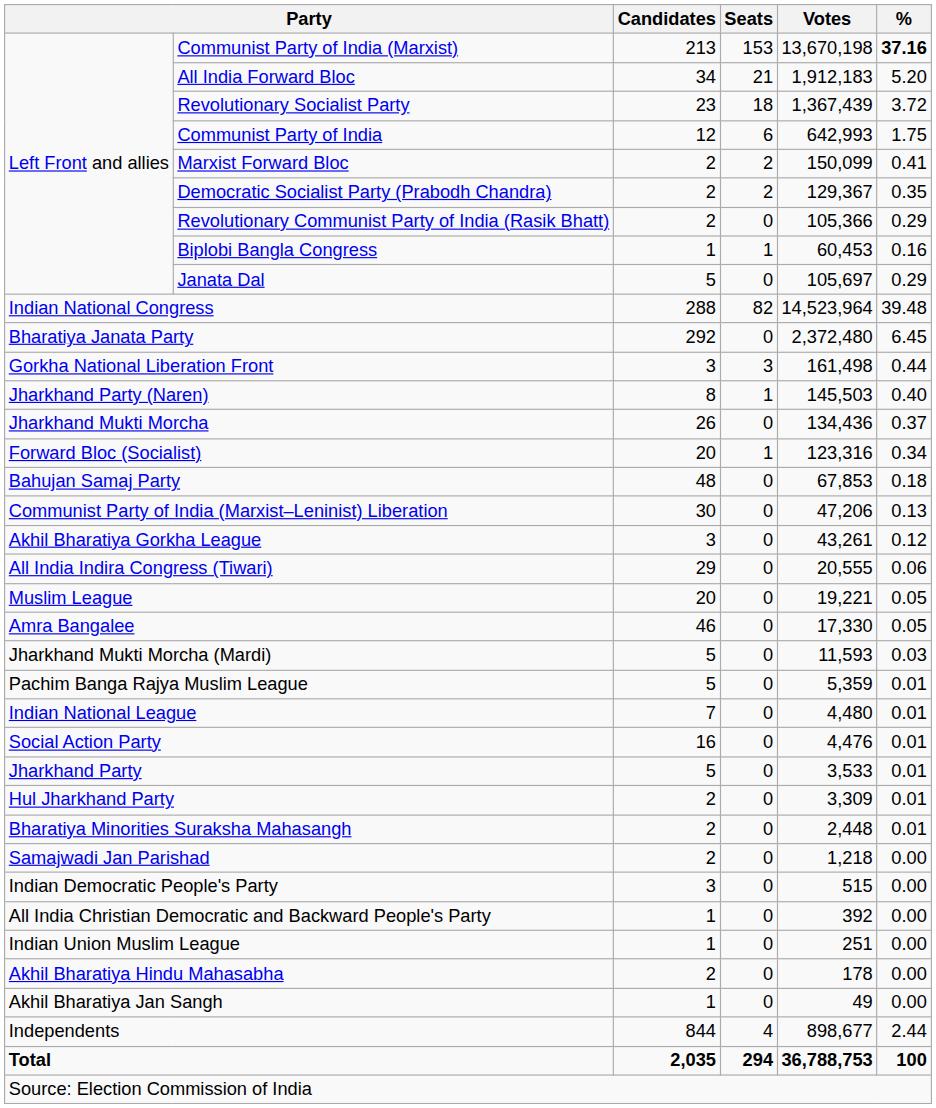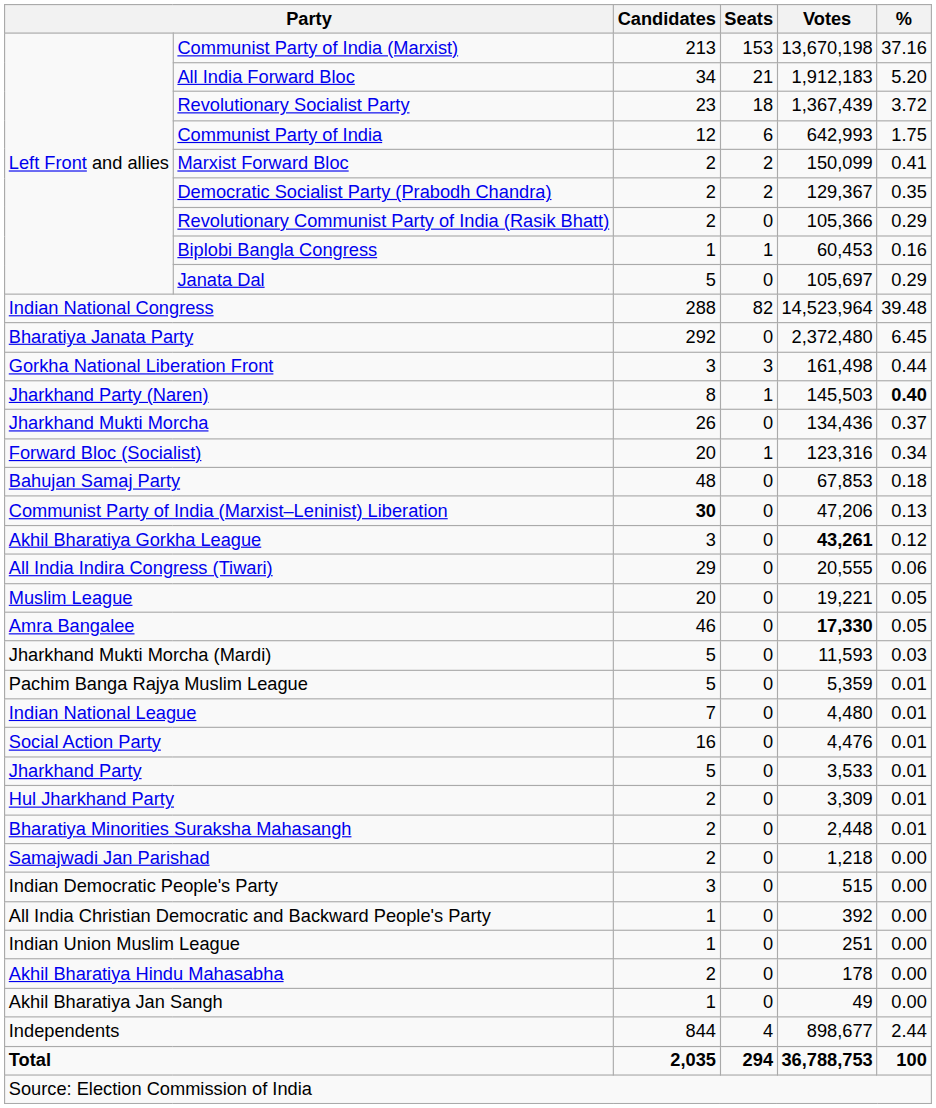 <table class=wikitable style=text-align:right>
 <tr>
 <th colspan=2>Party</th>
 <th>Candidates</th>
 <th>Seats</th>
 <th>Votes</th>
 <th>%</th>
 </tr>
 <tr>
 <td rowspan=9 align=left><a href='#'>Left Front</a> and allies</td>
 <td align=left><a href='#'>Communist Party of India (Marxist)</a></td>
 <td>213</td>
 <td>153</td>
 <td>13,670,198</td>
-<td><strong>37.16</strong></td>
+<td>37.16</td>
 </tr>
 <tr>
 <td align=left><a href='#'>All India Forward Bloc</a></td>
 <td>34</td>
 <td>21</td>
 <td>1,912,183</td>
 <td>5.20</td>
 </tr>
 <tr>
 <td align=left><a href='#'>Revolutionary Socialist Party</a></td>
 <td>23</td>
 <td>18</td>
 <td>1,367,439</td>
 <td>3.72</td>
 </tr>
 <tr>
 <td align=left><a href='#'>Communist Party of India</a></td>
 <td>12</td>
 <td>6</td>
 <td>642,993</td>
 <td>1.75</td>
 </tr>
 <tr>
 <td align=left><a href='#'>Marxist Forward Bloc</a></td>
 <td>2</td>
 <td>2</td>
 <td>150,099</td>
 <td>0.41</td>
 </tr>
 <tr>
 <td align=left><a href='#'>Democratic Socialist Party (Prabodh Chandra)</a></td>
 <td>2</td>
 <td>2</td>
 <td>129,367</td>
 <td>0.35</td>
 </tr>
 <tr>
 <td align=left><a href='#'>Revolutionary Communist Party of India (Rasik Bhatt)</a></td>
 <td>2</td>
 <td>0</td>
 <td>105,366</td>
 <td>0.29</td>
 </tr>
 <tr>
 <td align=left><a href='#'>Biplobi Bangla Congress</a></td>
 <td>1</td>
 <td>1</td>
 <td>60,453</td>
 <td>0.16</td>
 </tr>
 <tr>
 <td align=left><a href='#'>Janata Dal</a></td>
 <td>5</td>
 <td>0</td>
 <td>105,697</td>
 <td>0.29</td>
 </tr>
 <tr>
 <td colspan=2 align=left><a href='#'>Indian National Congress</a></td>
 <td>288</td>
 <td>82</td>
 <td>14,523,964</td>
 <td>39.48</td>
 </tr>
 <tr>
 <td colspan=2 align=left><a href='#'>Bharatiya Janata Party</a></td>
 <td>292</td>
 <td>0</td>
 <td>2,372,480</td>
 <td>6.45</td>
 </tr>
 <tr>
 <td colspan=2 align=left><a href='#'>Gorkha National Liberation Front</a></td>
 <td>3</td>
 <td>3</td>
 <td>161,498</td>
 <td>0.44</td>
 </tr>
 <tr>
 <td colspan=2 align=left><a href='#'>Jharkhand Party (Naren)</a></td>
 <td>8</td>
 <td>1</td>
 <td>145,503</td>
-<td>0.40</td>
+<td><strong>0.40</strong></td>
 </tr>
 <tr>
 <td colspan=2 align=left><a href='#'>Jharkhand Mukti Morcha</a></td>
 <td>26</td>
 <td>0</td>
 <td>134,436</td>
 <td>0.37</td>
 </tr>
 <tr>
 <td colspan=2 align=left><a href='#'>Forward Bloc (Socialist)</a></td>
 <td>20</td>
 <td>1</td>
 <td>123,316</td>
 <td>0.34</td>
 </tr>
 <tr>
 <td colspan=2 align=left><a href='#'>Bahujan Samaj Party</a></td>
 <td>48</td>
 <td>0</td>
 <td>67,853</td>
 <td>0.18</td>
 </tr>
 <tr>
 <td colspan=2 align=left><a href='#'>Communist Party of India (Marxist–Leninist) Liberation</a></td>
-<td>30</td>
+<td><strong>30</strong></td>
 <td>0</td>
 <td>47,206</td>
 <td>0.13</td>
 </tr>
 <tr>
 <td colspan=2 align=left><a href='#'>Akhil Bharatiya Gorkha League</a></td>
 <td>3</td>
 <td>0</td>
-<td>43,261</td>
+<td><strong>43,261</strong></td>
 <td>0.12</td>
 </tr>
 <tr>
 <td colspan=2 align=left><a href='#'>All India Indira Congress (Tiwari)</a></td>
 <td>29</td>
 <td>0</td>
 <td>20,555</td>
 <td>0.06</td>
 </tr>
 <tr>
 <td colspan=2 align=left><a href='#'>Muslim League</a></td>
 <td>20</td>
 <td>0</td>
 <td>19,221</td>
 <td>0.05</td>
 </tr>
 <tr>
 <td colspan=2 align=left><a href='#'>Amra Bangalee</a></td>
 <td>46</td>
 <td>0</td>
-<td>17,330</td>
+<td><strong>17,330</strong></td>
 <td>0.05</td>
 </tr>
 <tr>
 <td colspan=2 align=left>Jharkhand Mukti Morcha (Mardi)</td>
 <td>5</td>
 <td>0</td>
 <td>11,593</td>
 <td>0.03</td>
 </tr>
 <tr>
 <td colspan=2 align=left>Pachim Banga Rajya Muslim League</td>
 <td>5</td>
 <td>0</td>
 <td>5,359</td>
 <td>0.01</td>
 </tr>
 <tr>
 <td colspan=2 align=left><a href='#'>Indian National League</a></td>
 <td>7</td>
 <td>0</td>
 <td>4,480</td>
 <td>0.01</td>
 </tr>
 <tr>
 <td colspan=2 align=left><a href='#'>Social Action Party</a></td>
 <td>16</td>
 <td>0</td>
 <td>4,476</td>
 <td>0.01</td>
 </tr>
 <tr>
 <td colspan=2 align=left><a href='#'>Jharkhand Party</a></td>
 <td>5</td>
 <td>0</td>
 <td>3,533</td>
 <td>0.01</td>
 </tr>
 <tr>
 <td colspan=2 align=left><a href='#'>Hul Jharkhand Party</a></td>
 <td>2</td>
 <td>0</td>
 <td>3,309</td>
 <td>0.01</td>
 </tr>
 <tr>
 <td colspan=2 align=left><a href='#'>Bharatiya Minorities Suraksha Mahasangh</a></td>
 <td>2</td>
 <td>0</td>
 <td>2,448</td>
 <td>0.01</td>
 </tr>
 <tr>
 <td colspan=2 align=left><a href='#'>Samajwadi Jan Parishad</a></td>
 <td>2</td>
 <td>0</td>
 <td>1,218</td>
 <td>0.00</td>
 </tr>
 <tr>
 <td colspan=2 align=left>Indian Democratic People's Party</td>
 <td>3</td>
 <td>0</td>
 <td>515</td>
 <td>0.00</td>
 </tr>
 <tr>
 <td colspan=2 align=left>All India Christian Democratic and Backward People's Party</td>
 <td>1</td>
 <td>0</td>
 <td>392</td>
 <td>0.00</td>
 </tr>
 <tr>
 <td colspan=2 align=left>Indian Union Muslim League</td>
 <td>1</td>
 <td>0</td>
 <td>251</td>
 <td>0.00</td>
 </tr>
 <tr>
 <td colspan=2 align=left><a href='#'>Akhil Bharatiya Hindu Mahasabha</a></td>
 <td>2</td>
 <td>0</td>
 <td>178</td>
 <td>0.00</td>
 </tr>
 <tr>
 <td colspan=2 align=left>Akhil Bharatiya Jan Sangh</td>
 <td>1</td>
 <td>0</td>
 <td>49</td>
 <td>0.00</td>
 </tr>
 <tr>
 <td colspan=2 align=left>Independents</td>
 <td>844</td>
 <td>4</td>
 <td>898,677</td>
 <td>2.44</td>
 </tr>
 <tr>
 <td colspan=2 align=left><strong>Total</strong></td>
 <td><strong>2,035</strong></td>
 <td><strong>294</strong></td>
 <td><strong>36,788,753</strong></td>
 <td><strong>100</strong></td>
 </tr>
 <tr>
 <td align=left colspan=6>Source: Election Commission of India</td>
 </tr>
 </table>
